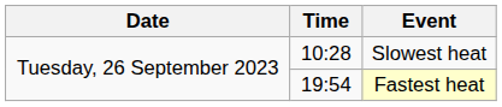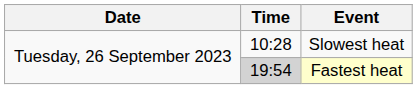 <table class = "wikitable" style="text-align:center;">
 <tr>
 <th width=220>Date</th>
 <th width=50>Time</th>
 <th width=100>Event</th>
 </tr>
 <tr>
 <td rowspan=2>Tuesday, 26 September 2023</td>
 <td>10:28</td>
 <td>Slowest heat</td>
 </tr>
 <tr>
-<td>19:54</td>
+<td style="background: lightgrey;">19:54</td>
 <td bgcolor=ffffcc>Fastest heat</td>
 </tr>
 </table>
